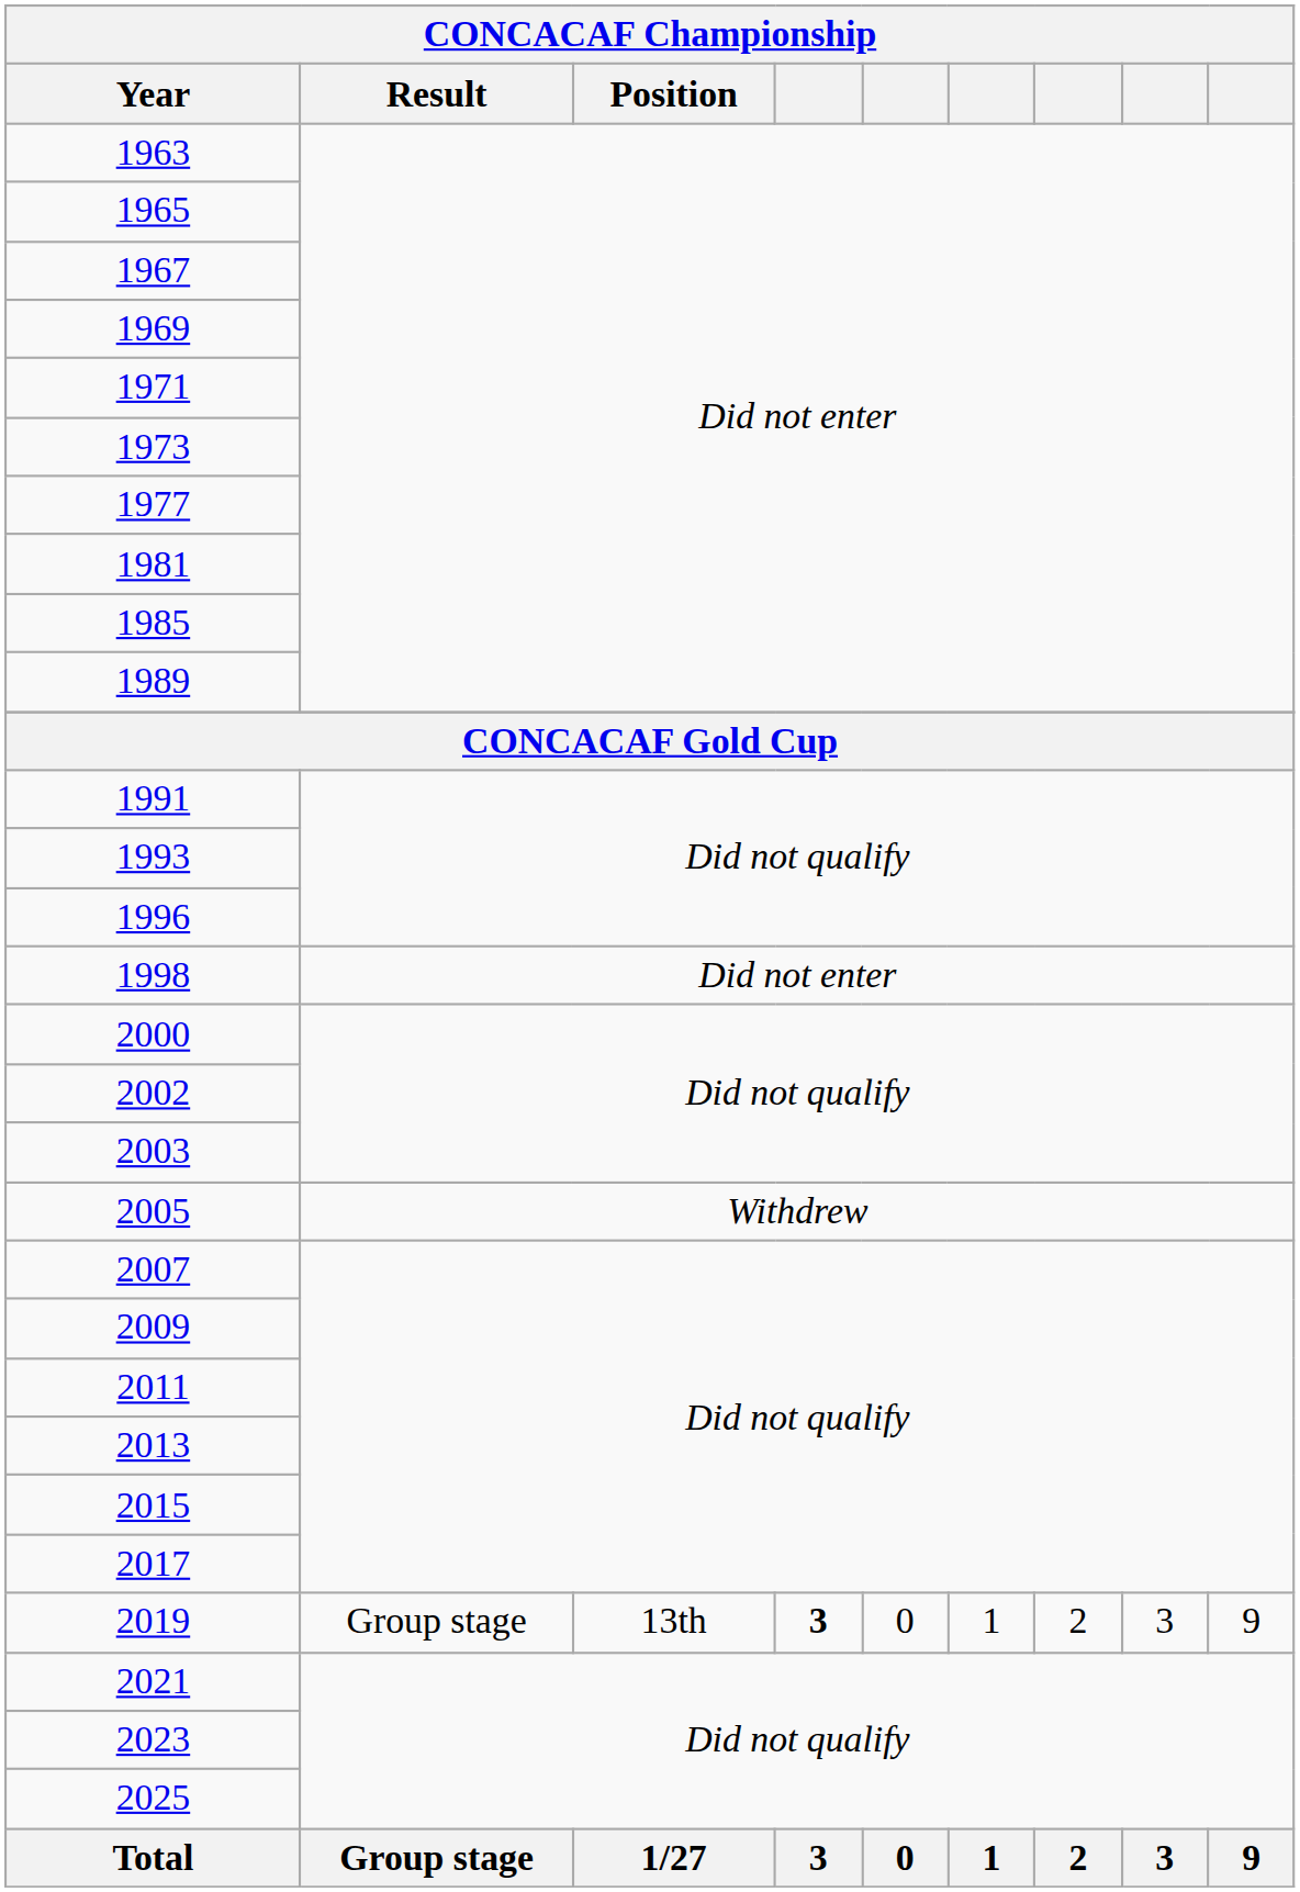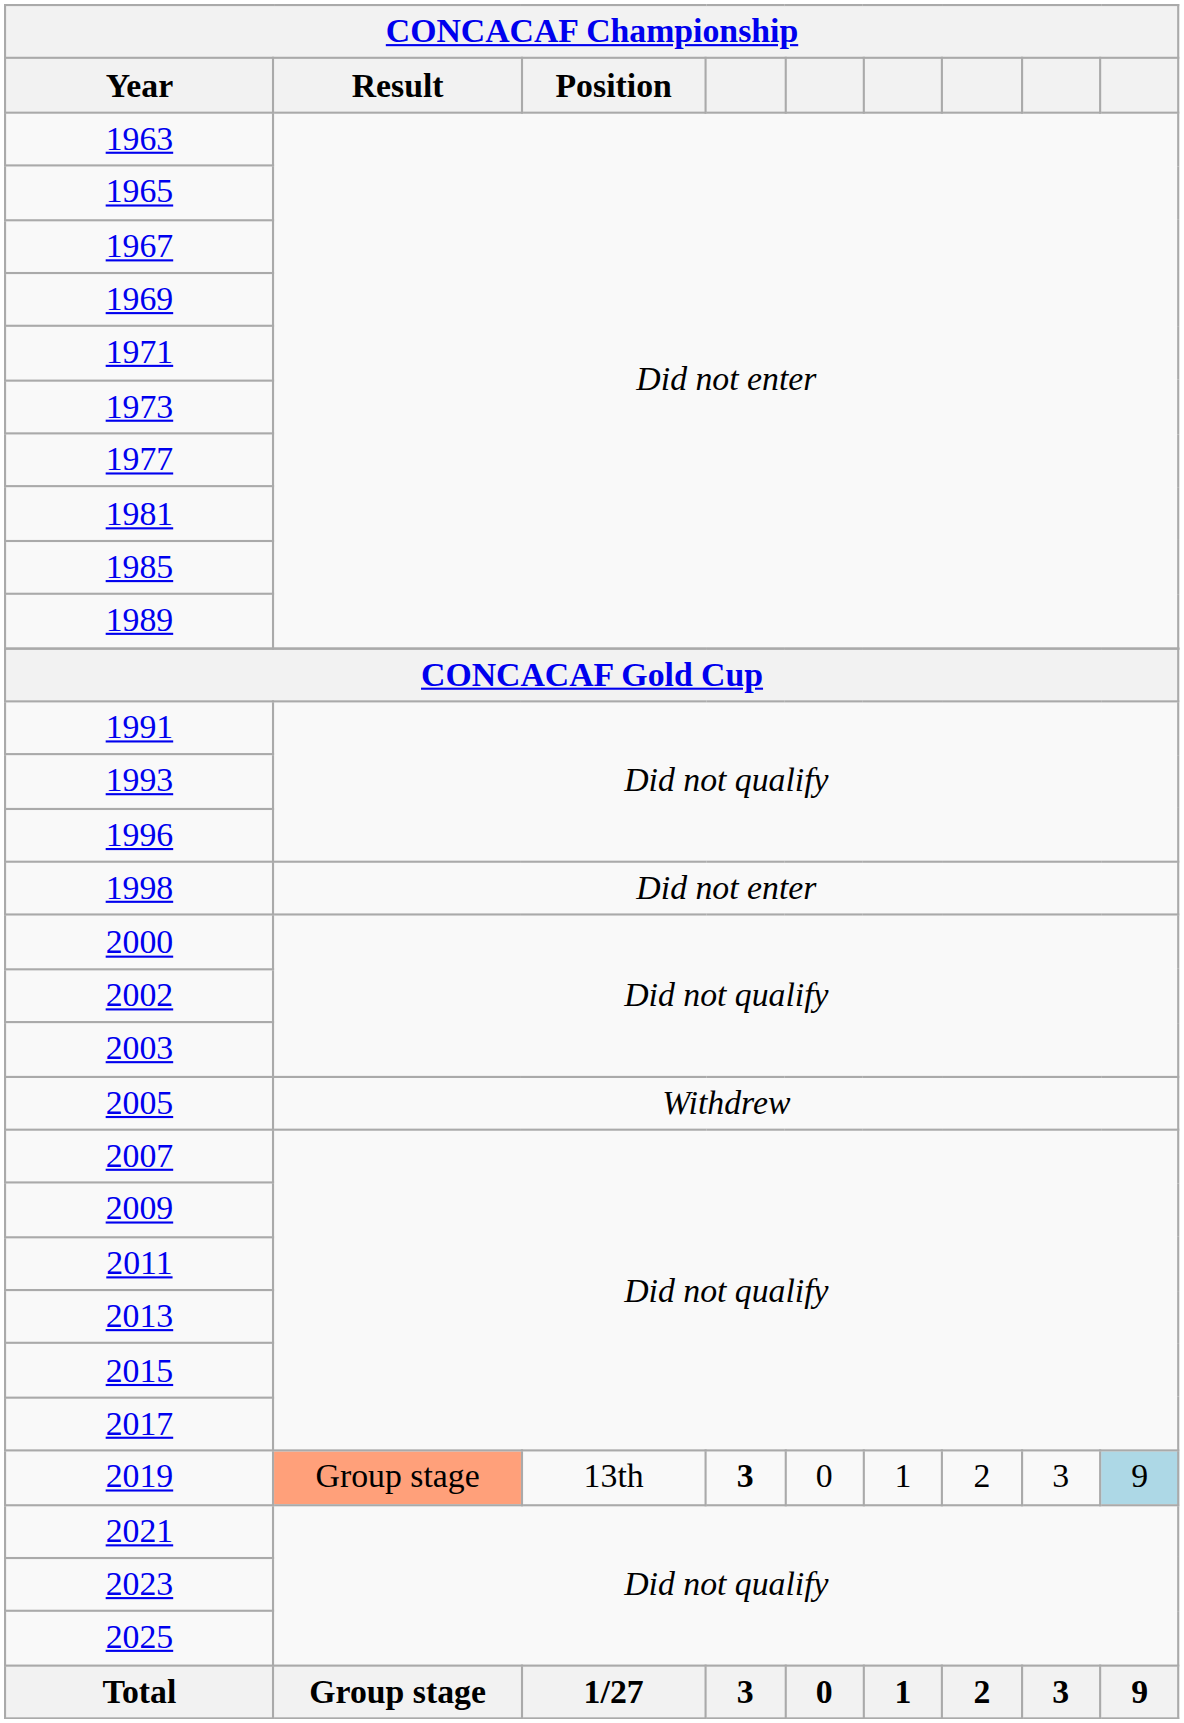 <table class="wikitable" style="text-align: center;">
 <tr>
 <th colspan=9><a href='#'>CONCACAF Championship</a></th>
 </tr>
 <tr>
 <th style="width:120px;">Year</th>
 <th style="width:110px;">Result</th>
 <th style="width:80px;">Position</th>
 <th style="width:30px;"></th>
 <th style="width:30px;"></th>
 <th style="width:30px;"></th>
 <th style="width:30px;"></th>
 <th style="width:30px;"></th>
 <th style="width:30px;"></th>
 </tr>
 <tr>
 <td> <a href='#'>1963</a></td>
 <td rowspan=10 colspan=8><em>Did not enter</em></td>
 </tr>
 <tr>
 <td> <a href='#'>1965</a></td>
 </tr>
 <tr>
 <td> <a href='#'>1967</a></td>
 </tr>
 <tr>
 <td> <a href='#'>1969</a></td>
 </tr>
 <tr>
 <td> <a href='#'>1971</a></td>
 </tr>
 <tr>
 <td> <a href='#'>1973</a></td>
 </tr>
 <tr>
 <td> <a href='#'>1977</a></td>
 </tr>
 <tr>
 <td> <a href='#'>1981</a></td>
 </tr>
 <tr>
 <td><a href='#'>1985</a></td>
 </tr>
 <tr>
 <td><a href='#'>1989</a></td>
 </tr>
 <tr>
 </tr>
 <tr>
 <th colspan=9><a href='#'>CONCACAF Gold Cup</a></th>
 </tr>
 <tr>
 <td> <a href='#'>1991</a></td>
 <td rowspan=3 colspan=8><em>Did not qualify</em></td>
 </tr>
 <tr>
 <td>  <a href='#'>1993</a></td>
 </tr>
 <tr>
 <td> <a href='#'>1996</a></td>
 </tr>
 <tr>
 <td> <a href='#'>1998</a></td>
 <td colspan=8><em>Did not enter</em></td>
 </tr>
 <tr>
 <td> <a href='#'>2000</a></td>
 <td rowspan=3 colspan=8><em>Did not qualify</em></td>
 </tr>
 <tr>
 <td> <a href='#'>2002</a></td>
 </tr>
 <tr>
 <td>  <a href='#'>2003</a></td>
 </tr>
 <tr>
 <td> <a href='#'>2005</a></td>
 <td colspan=8><em>Withdrew</em></td>
 </tr>
 <tr>
 <td> <a href='#'>2007</a></td>
 <td rowspan=6 colspan=8><em>Did not qualify</em></td>
 </tr>
 <tr>
 <td> <a href='#'>2009</a></td>
 </tr>
 <tr>
 <td> <a href='#'>2011</a></td>
 </tr>
 <tr>
 <td> <a href='#'>2013</a></td>
 </tr>
 <tr>
 <td>  <a href='#'>2015</a></td>
 </tr>
 <tr>
 <td> <a href='#'>2017</a></td>
 </tr>
 <tr>
 <td>   <a href='#'>2019</a></td>
-<td>Group stage</td>
+<td style="background: lightsalmon;">Group stage</td>
 <td>13th</td>
 <td><strong>3</strong></td>
 <td>0</td>
 <td>1</td>
 <td>2</td>
 <td>3</td>
-<td>9</td>
+<td style="background: lightblue;">9</td>
 </tr>
 <tr>
 <td> <a href='#'>2021</a></td>
 <td colspan=8 rowspan=3><em>Did not qualify</em></td>
 </tr>
 <tr>
 <td>  <a href='#'>2023</a></td>
 </tr>
 <tr>
 <td>  <a href='#'>2025</a></td>
 </tr>
 <tr>
 <th>Total</th>
 <th>Group stage</th>
 <th>1/27</th>
 <th>3</th>
 <th>0</th>
 <th>1</th>
 <th>2</th>
 <th>3</th>
 <th>9</th>
 </tr>
 </table>
